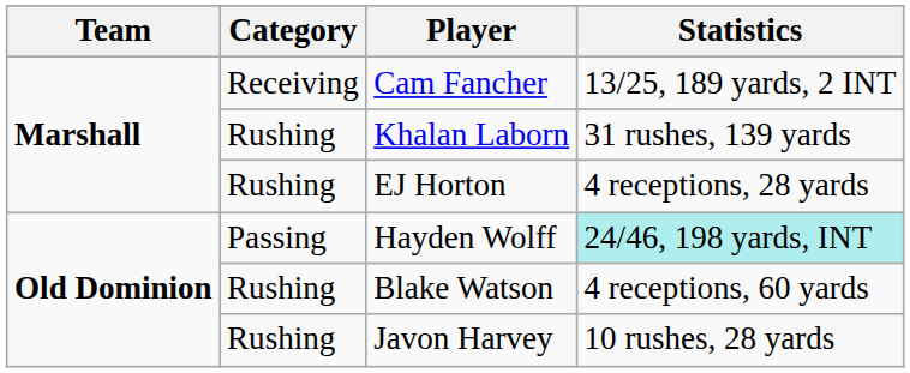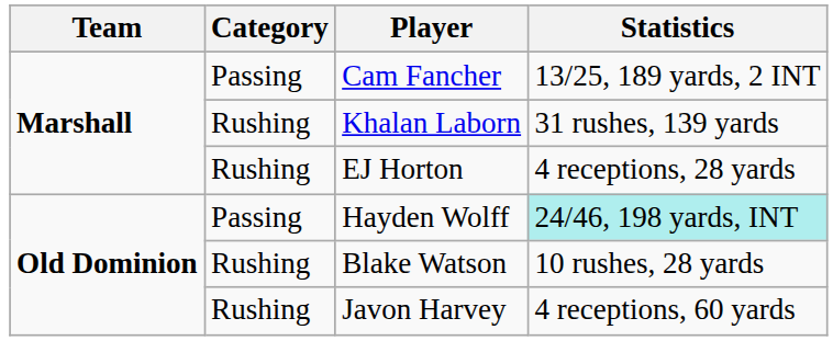 <table class="wikitable" style="float: right;">
 <tr>
 <th>Team</th>
 <th>Category</th>
 <th>Player</th>
 <th>Statistics</th>
 </tr>
 <tr>
 <td rowspan=3><strong>Marshall</strong></td>
-<td>Receiving</td>
+<td>Passing</td>
 <td><a href='#'>Cam Fancher</a></td>
 <td>13/25, 189 yards, 2 INT</td>
 </tr>
 <tr>
 <td>Rushing</td>
 <td><a href='#'>Khalan Laborn</a></td>
 <td>31 rushes, 139 yards</td>
 </tr>
 <tr>
 <td>Rushing</td>
 <td>EJ Horton</td>
 <td>4 receptions, 28 yards</td>
 </tr>
 <tr>
 <td rowspan=3><strong>Old Dominion</strong></td>
 <td>Passing</td>
 <td>Hayden Wolff</td>
 <td style="background: paleturquoise;">24/46, 198 yards, INT</td>
 </tr>
 <tr>
 <td>Rushing</td>
 <td>Blake Watson</td>
-<td>4 receptions, 60 yards</td>
+<td>10 rushes, 28 yards</td>
 </tr>
 <tr>
 <td>Rushing</td>
 <td>Javon Harvey</td>
-<td>10 rushes, 28 yards</td>
+<td>4 receptions, 60 yards</td>
 </tr>
 </table>
